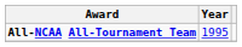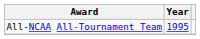 <table class="wikitable">
 <tr>
 <th>Award</th>
 <th>Year</th>
 <th></th>
 </tr>
 <tr>
-<td><strong>All-<a href='#'>NCAA</a> <a href='#'>All-Tournament Team</a></strong></td>
+<td>All-<a href='#'>NCAA</a> <a href='#'>All-Tournament Team</a></td>
 <td><a href='#'>1995</a></td>
 <td></td>
 </tr>
 <tr>
 </tr>
 </table>
